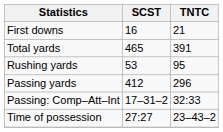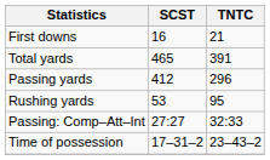 <table class="wikitable" style="float: left;">
 <tr>
 <th>Statistics</th>
 <th>SCST</th>
 <th>TNTC</th>
 </tr>
 <tr>
 <td>First downs</td>
 <td>16</td>
 <td>21</td>
 </tr>
 <tr>
 <td>Total yards</td>
 <td>465</td>
 <td>391</td>
 </tr>
 <tr>
+<td>Passing yards</td>
+<td>412</td>
+<td>296</td>
+</tr>
+<tr>
 <td>Rushing yards</td>
 <td>53</td>
 <td>95</td>
 </tr>
 <tr>
-<td>Passing yards</td>
-<td>412</td>
-<td>296</td>
-</tr>
-<tr>
 <td>Passing: Comp–Att–Int</td>
-<td>17–31–2</td>
+<td>27:27</td>
 <td>32:33</td>
 </tr>
 <tr>
 <td>Time of possession</td>
-<td>27:27</td>
+<td>17–31–2</td>
 <td>23–43–2</td>
 </tr>
 <tr>
 </tr>
 </table>
